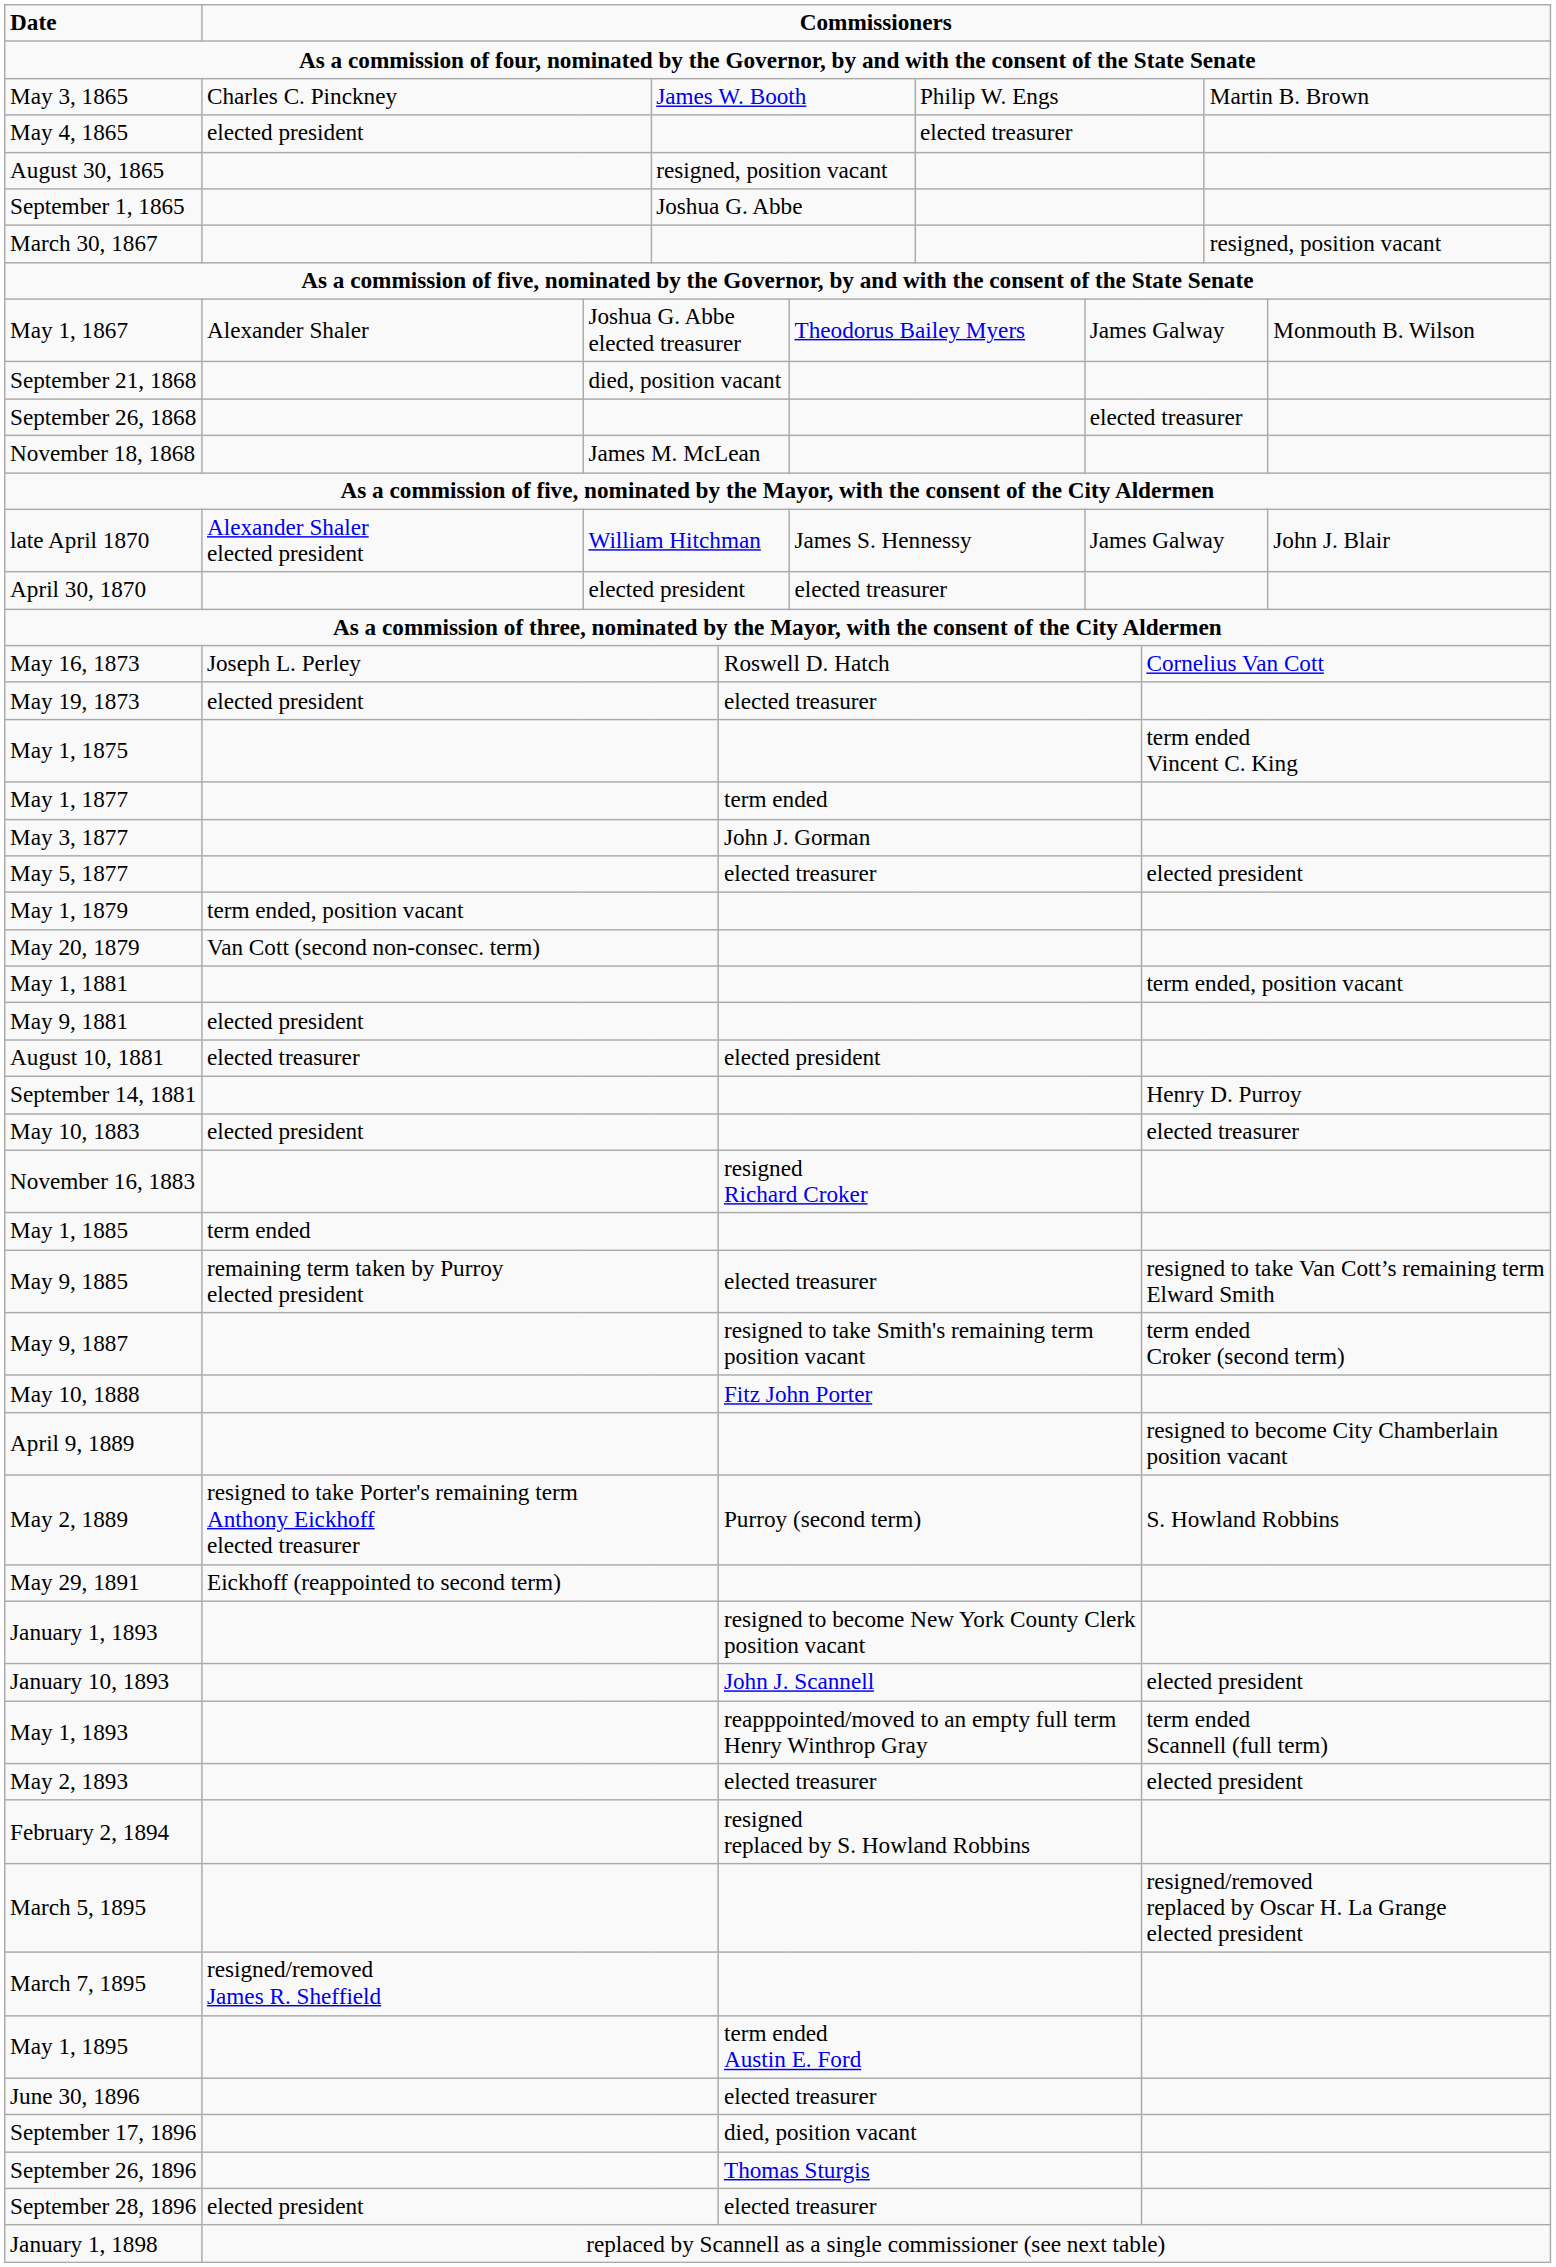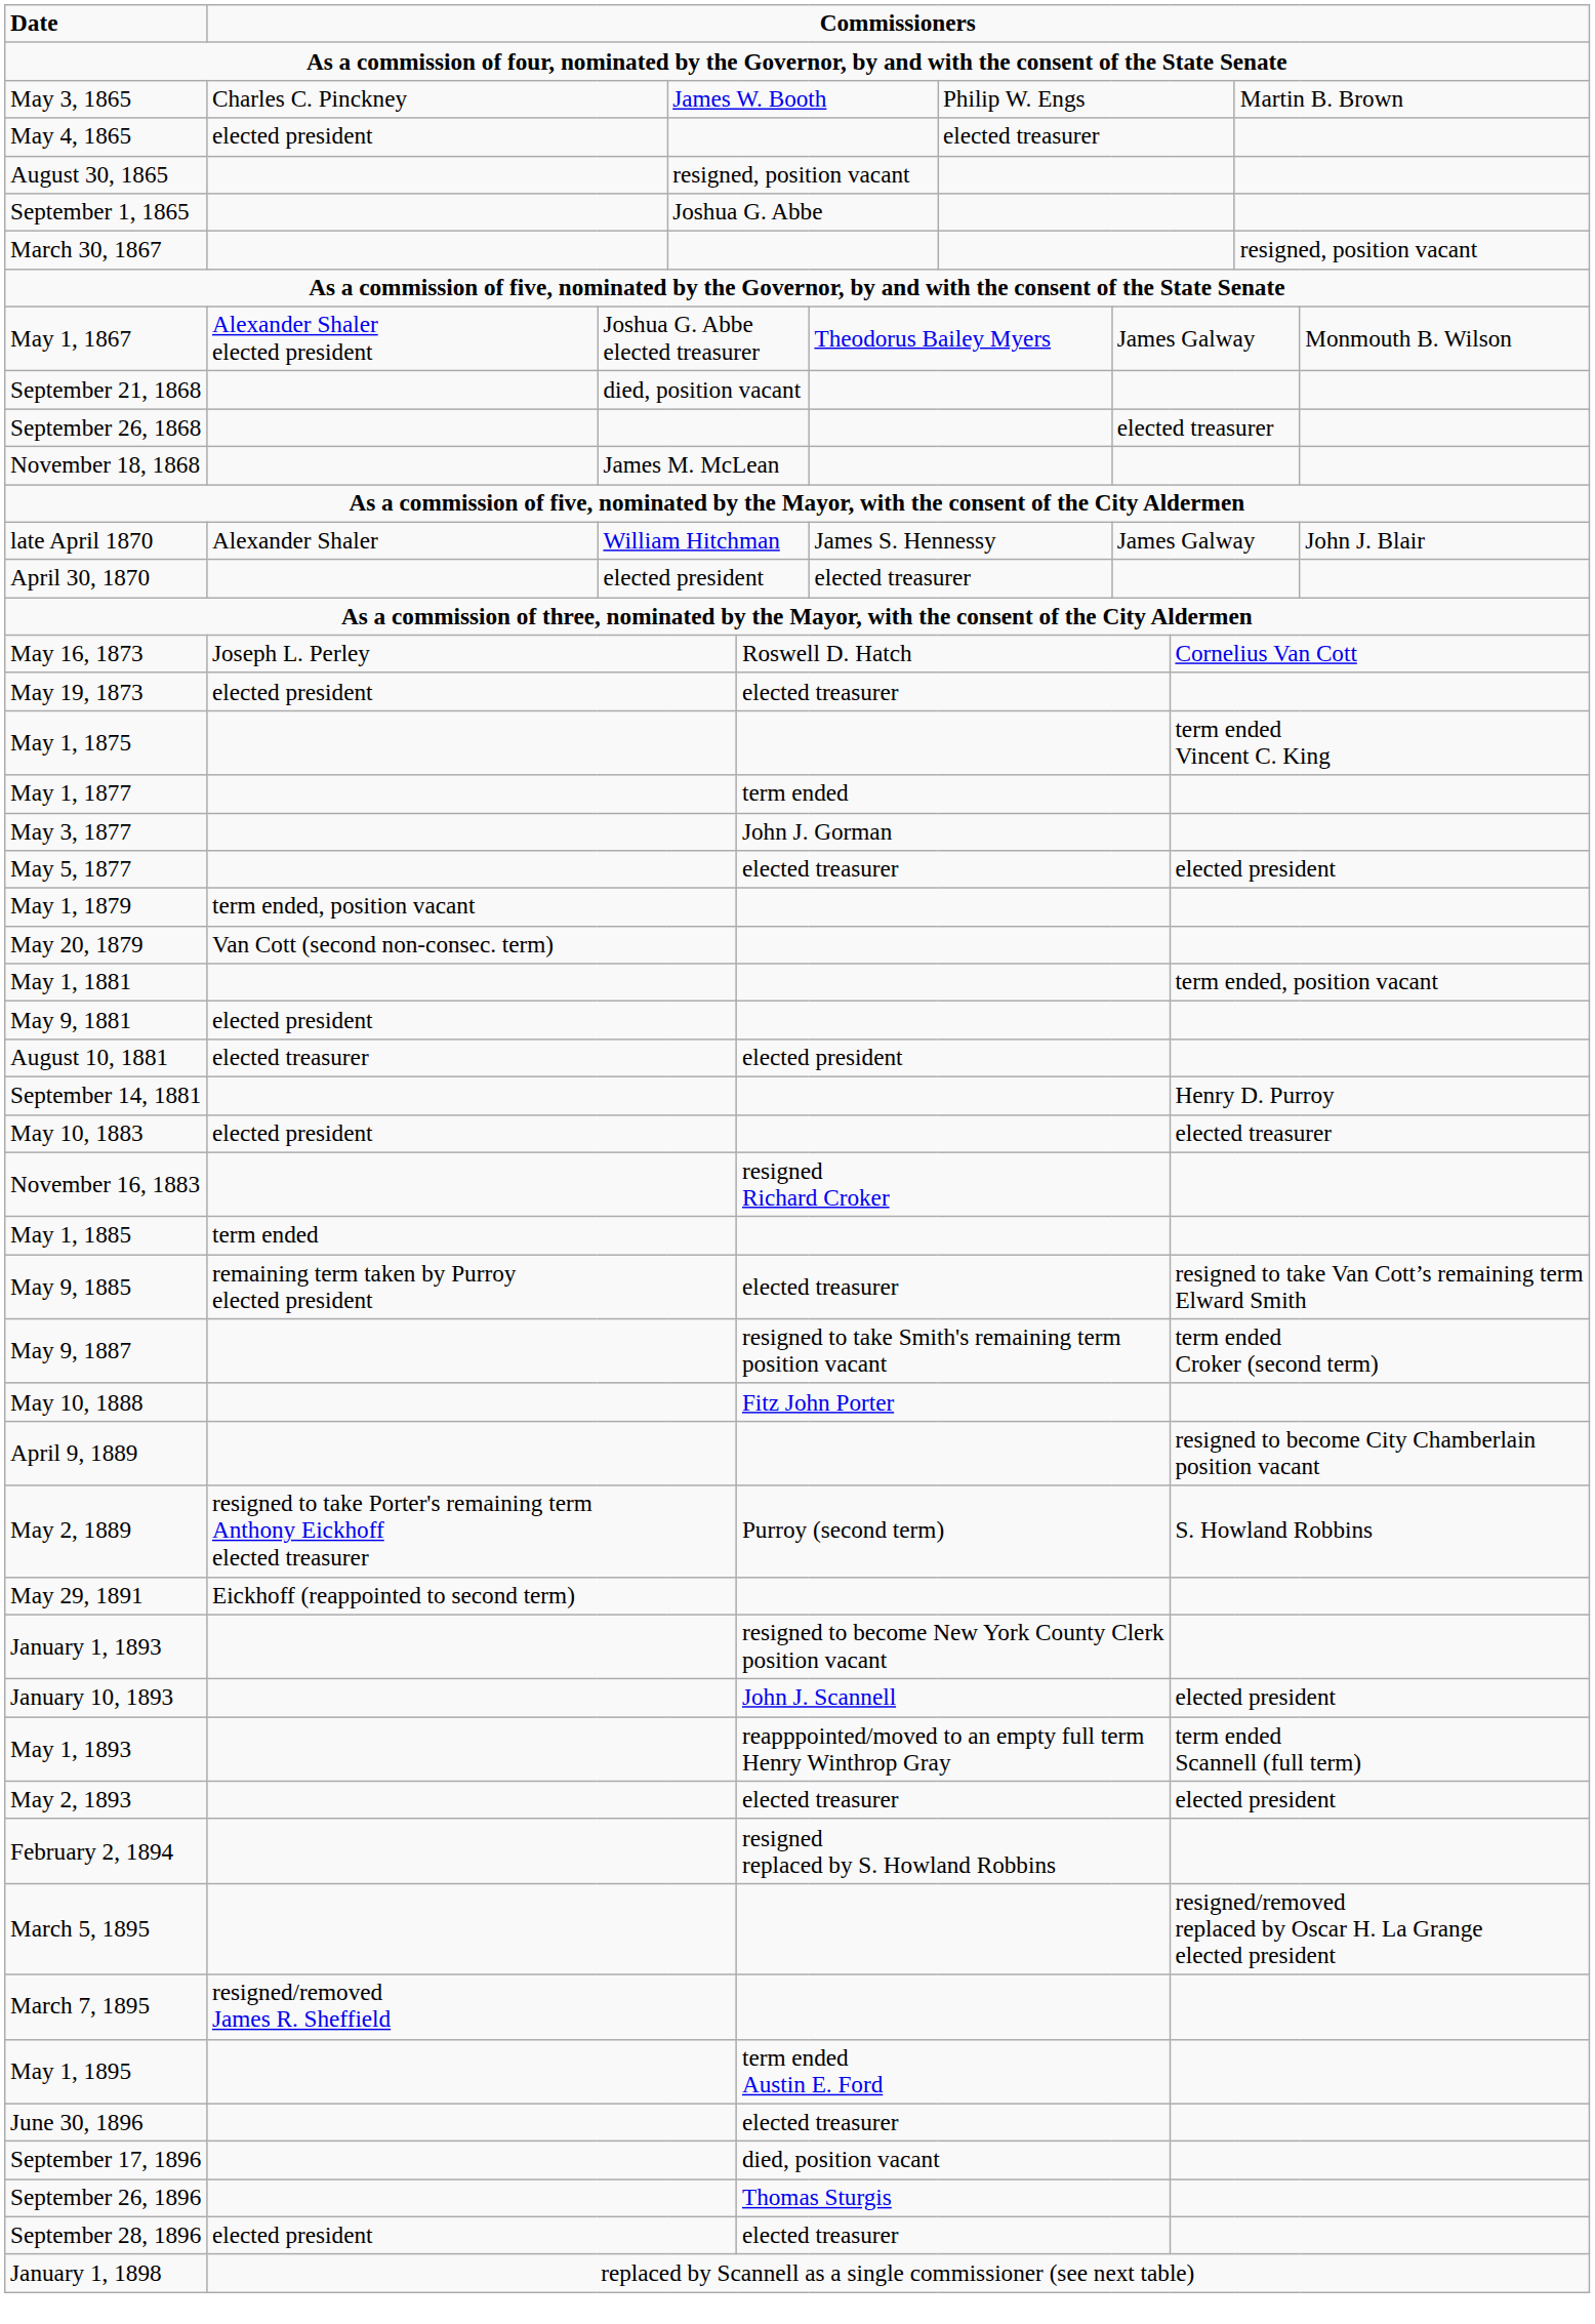 <table class="wikitable">
 <tr>
 <td colspan=1><strong>Date</strong></td>
 <td colspan=10 align=center><strong>Commissioners</strong></td>
 </tr>
 <tr>
 <td colspan=11 align=center><strong>As a commission of four, nominated by the Governor, by and with the consent of the State Senate</strong></td>
 </tr>
 <tr>
 <td>May 3, 1865</td>
 <td colspan=2>Charles C. Pinckney</td>
 <td colspan=3><a href='#'>James W. Booth</a></td>
 <td colspan=3>Philip W. Engs</td>
 <td colspan=2>Martin B. Brown</td>
 </tr>
 <tr>
 <td>May 4, 1865</td>
 <td colspan=2>elected president</td>
 <td colspan=3></td>
 <td colspan=3>elected treasurer</td>
 <td colspan=2></td>
 </tr>
 <tr>
 <td>August 30, 1865</td>
 <td colspan=2></td>
 <td colspan=3>resigned, position vacant</td>
 <td colspan=3></td>
 <td colspan=2></td>
 </tr>
 <tr>
 <td>September 1, 1865</td>
 <td colspan=2></td>
 <td colspan=3>Joshua G. Abbe</td>
 <td colspan=3></td>
 <td colspan=2></td>
 </tr>
 <tr>
 <td>March 30, 1867</td>
 <td colspan=2></td>
 <td colspan=3></td>
 <td colspan=3></td>
 <td colspan=2>resigned, position vacant</td>
 </tr>
 <tr>
 <td colspan=11 align=center><strong>As a commission of five, nominated by the Governor, by and with the consent of the State Senate</strong></td>
 </tr>
 <tr>
 <td>May 1, 1867</td>
-<td>Alexander Shaler</td>
+<td><a href='#'>Alexander Shaler</a><br>elected president</td>
 <td colspan=3>Joshua G. Abbe<br>elected treasurer</td>
 <td colspan=2><a href='#'>Theodorus Bailey Myers</a></td>
 <td colspan=3>James Galway</td>
 <td>Monmouth B. Wilson</td>
 </tr>
 <tr>
 <td>September 21, 1868</td>
 <td></td>
 <td colspan=3>died, position vacant</td>
 <td colspan=2></td>
 <td colspan=3></td>
 <td></td>
 </tr>
 <tr>
 <td>September 26, 1868</td>
 <td></td>
 <td colspan=3></td>
 <td colspan=2></td>
 <td colspan=3>elected treasurer</td>
 <td></td>
 </tr>
 <tr>
 <td>November 18, 1868</td>
 <td></td>
 <td colspan=3>James M. McLean</td>
 <td colspan=2></td>
 <td colspan=3></td>
 <td></td>
 </tr>
 <tr>
 <td colspan=11 align=center><strong>As a commission of five, nominated by the Mayor, with the consent of the City Aldermen</strong></td>
 </tr>
 <tr>
 <td>late April 1870</td>
-<td><a href='#'>Alexander Shaler</a><br>elected president</td>
+<td>Alexander Shaler</td>
 <td colspan=3><a href='#'>William Hitchman</a></td>
 <td colspan=2>James S. Hennessy</td>
 <td colspan=3>James Galway</td>
 <td>John J. Blair</td>
 </tr>
 <tr>
 <td>April 30, 1870</td>
 <td></td>
 <td colspan=3>elected president</td>
 <td colspan=2>elected treasurer</td>
 <td colspan=3></td>
 <td></td>
 </tr>
 <tr>
 <td colspan=11 align=center><strong>As a commission of three, nominated by the Mayor, with the consent of the City Aldermen</strong></td>
 </tr>
 <tr>
 <td>May 16, 1873</td>
 <td colspan=3>Joseph L. Perley</td>
 <td colspan=4>Roswell D. Hatch</td>
 <td colspan=3><a href='#'>Cornelius Van Cott</a></td>
 </tr>
 <tr>
 <td>May 19, 1873</td>
 <td colspan=3>elected president</td>
 <td colspan=4>elected treasurer</td>
 <td colspan=3></td>
 </tr>
 <tr>
 <td>May 1, 1875</td>
 <td colspan=3></td>
 <td colspan=4></td>
 <td colspan=3>term ended<br>Vincent C. King</td>
 </tr>
 <tr>
 <td>May 1, 1877</td>
 <td colspan=3></td>
 <td colspan=4>term ended</td>
 <td colspan=3></td>
 </tr>
 <tr>
 <td>May 3, 1877</td>
 <td colspan=3></td>
 <td colspan=4>John J. Gorman</td>
 <td colspan=3></td>
 </tr>
 <tr>
 <td>May 5, 1877</td>
 <td colspan=3></td>
 <td colspan=4>elected treasurer</td>
 <td colspan=3>elected president</td>
 </tr>
 <tr>
 <td>May 1, 1879</td>
 <td colspan=3>term ended, position vacant</td>
 <td colspan=4></td>
 <td colspan=3></td>
 </tr>
 <tr>
 <td>May 20, 1879</td>
 <td colspan=3>Van Cott (second non-consec. term)</td>
 <td colspan=4></td>
 <td colspan=3></td>
 </tr>
 <tr>
 <td>May 1, 1881</td>
 <td colspan=3></td>
 <td colspan=4></td>
 <td colspan=3>term ended, position vacant</td>
 </tr>
 <tr>
 <td>May 9, 1881</td>
 <td colspan=3>elected president</td>
 <td colspan=4></td>
 <td colspan=3></td>
 </tr>
 <tr>
 <td>August 10, 1881</td>
 <td colspan=3>elected treasurer</td>
 <td colspan=4>elected president</td>
 <td colspan=3></td>
 </tr>
 <tr>
 <td>September 14, 1881</td>
 <td colspan=3></td>
 <td colspan=4></td>
 <td colspan=3>Henry D. Purroy</td>
 </tr>
 <tr>
 <td>May 10, 1883</td>
 <td colspan=3>elected president</td>
 <td colspan=4></td>
 <td colspan=3>elected treasurer</td>
 </tr>
 <tr>
 <td>November 16, 1883</td>
 <td colspan=3></td>
 <td colspan=4>resigned<br><a href='#'>Richard Croker</a></td>
 <td colspan=3></td>
 </tr>
 <tr>
 <td>May 1, 1885</td>
 <td colspan=3>term ended</td>
 <td colspan=4></td>
 <td colspan=3></td>
 </tr>
 <tr>
 <td>May 9, 1885</td>
 <td colspan=3>remaining term taken by Purroy<br>elected president</td>
 <td colspan=4>elected treasurer</td>
 <td colspan=3>resigned to take Van Cott’s remaining term<br>Elward Smith</td>
 </tr>
 <tr>
 <td>May 9, 1887</td>
 <td colspan=3></td>
 <td colspan=4>resigned to take Smith's remaining term<br>position vacant</td>
 <td colspan=3>term ended<br>Croker (second term)</td>
 </tr>
 <tr>
 <td>May 10, 1888</td>
 <td colspan=3></td>
 <td colspan=4><a href='#'>Fitz John Porter</a></td>
 </tr>
 <tr>
 <td>April 9, 1889</td>
 <td colspan=3></td>
 <td colspan=4></td>
 <td colspan=3>resigned to become City Chamberlain<br>position vacant</td>
 </tr>
 <tr>
 <td>May 2, 1889</td>
 <td colspan=3>resigned to take Porter's remaining term<br><a href='#'>Anthony Eickhoff</a><br>elected treasurer</td>
 <td colspan=4>Purroy (second term)</td>
 <td colspan=3>S. Howland Robbins</td>
 </tr>
 <tr>
 <td>May 29, 1891</td>
 <td colspan=3>Eickhoff (reappointed to second term)</td>
 <td colspan=4></td>
 <td colspan=3></td>
 </tr>
 <tr>
 <td>January 1, 1893</td>
 <td colspan=3></td>
 <td colspan=4>resigned to become New York County Clerk<br>position vacant</td>
 </tr>
 <tr>
 <td>January 10, 1893</td>
 <td colspan=3></td>
 <td colspan=4><a href='#'>John J. Scannell</a></td>
 <td colspan=3>elected president</td>
 </tr>
 <tr>
 <td>May 1, 1893</td>
 <td colspan=3></td>
 <td colspan=4>reapppointed/moved to an empty full term<br>Henry Winthrop Gray</td>
 <td colspan=3>term ended<br>Scannell (full term)</td>
 </tr>
 <tr>
 <td>May 2, 1893</td>
 <td colspan=3></td>
 <td colspan=4>elected treasurer</td>
 <td colspan=4>elected president</td>
 </tr>
 <tr>
 <td>February 2, 1894</td>
 <td colspan=3></td>
 <td colspan=4>resigned<br>replaced by S. Howland Robbins</td>
 <td colspan=3></td>
 </tr>
 <tr>
 <td>March 5, 1895</td>
 <td colspan=3></td>
 <td colspan=4></td>
 <td colspan=3>resigned/removed<br>replaced by Oscar H. La Grange<br>elected president</td>
 </tr>
 <tr>
 <td>March 7, 1895</td>
 <td colspan=3>resigned/removed<br><a href='#'>James R. Sheffield</a></td>
 <td colspan=4></td>
 <td colspan=3></td>
 </tr>
 <tr>
 <td>May 1, 1895</td>
 <td colspan=3></td>
 <td colspan=4>term ended<br><a href='#'>Austin E. Ford</a></td>
 <td colspan=3></td>
 </tr>
 <tr>
 <td>June 30, 1896</td>
 <td colspan=3></td>
 <td colspan=4>elected treasurer</td>
 <td colspan=3></td>
 </tr>
 <tr>
 <td>September 17, 1896</td>
 <td colspan=3></td>
 <td colspan=4>died, position vacant</td>
 <td colspan=3></td>
 </tr>
 <tr>
 <td>September 26, 1896</td>
 <td colspan=3></td>
 <td colspan=4><a href='#'>Thomas Sturgis</a></td>
 <td colspan=3></td>
 </tr>
 <tr>
 <td>September 28, 1896</td>
 <td colspan=3>elected president</td>
 <td colspan=4>elected treasurer</td>
 <td colspan=3></td>
 </tr>
 <tr>
 <td>January 1, 1898</td>
 <td colspan=10 align=center>replaced by Scannell as a single commissioner (see next table)</td>
 </tr>
 </table>
